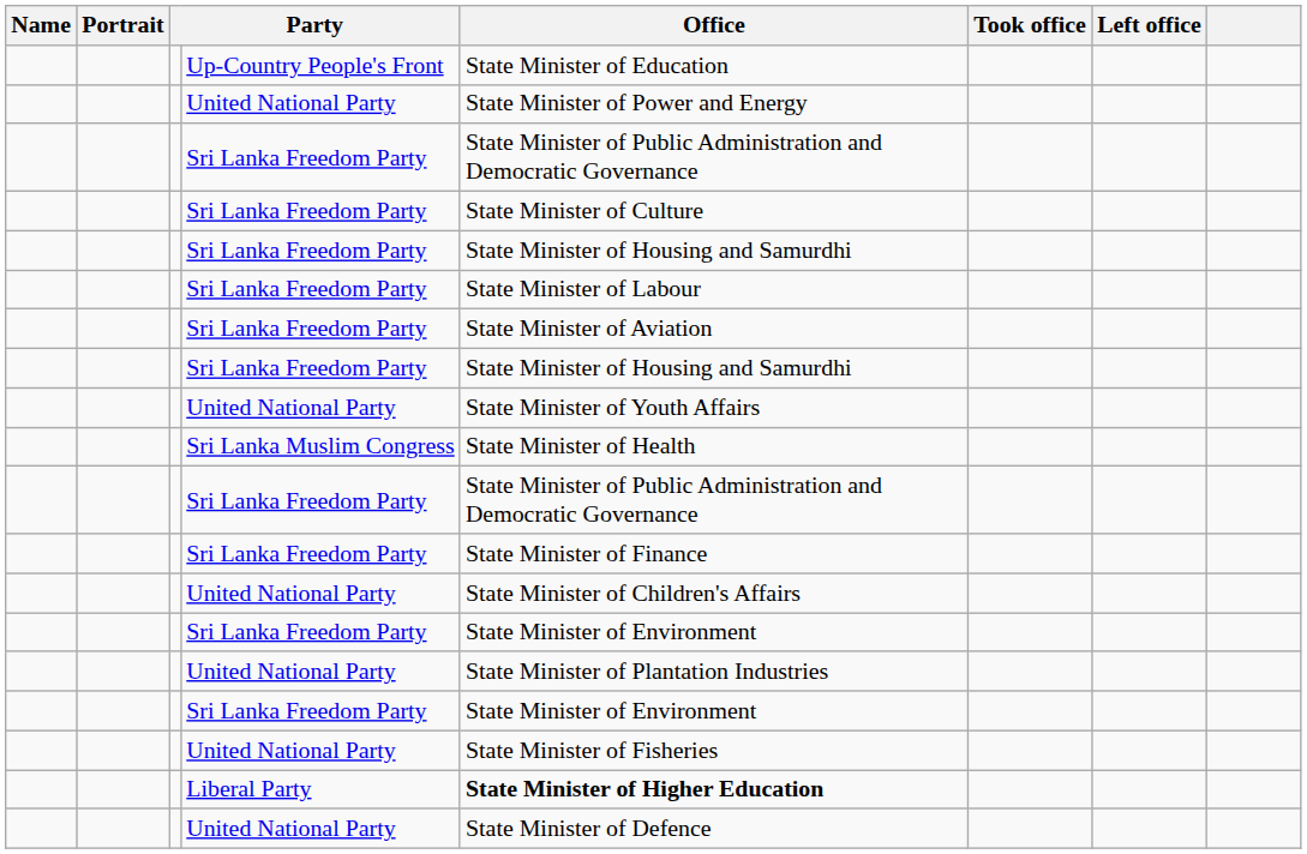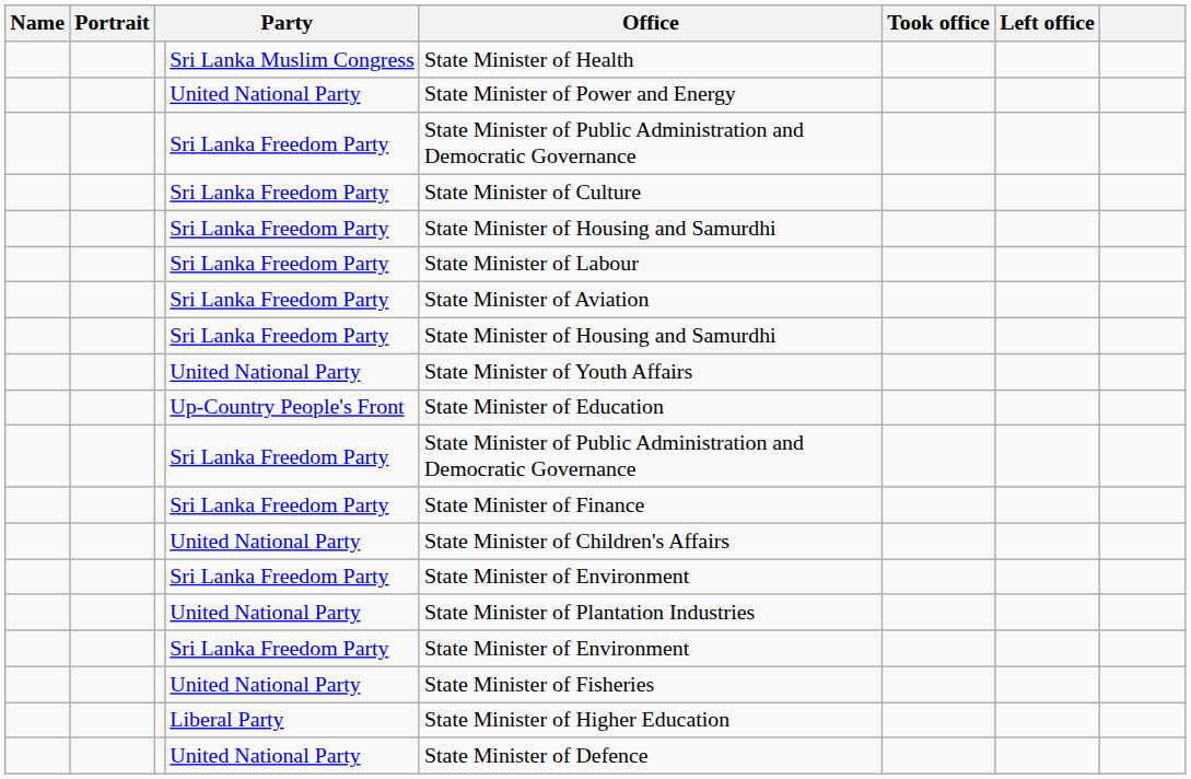 <table class="wikitable plainrowheaders sortable" style="font-size:90%; text-align:left;">
 <tr>
 <th scope=col>Name</th>
 <th scope=col class=unsortable>Portrait</th>
 <th scope=col colspan="2">Party</th>
 <th scope=col width=300px>Office</th>
 <th scope=col>Took office</th>
 <th scope=col>Left office</th>
 <th scope=col width=50px class=unsortable></th>
 </tr>
 <tr>
 <td></td>
 <td align=center></td>
 <td !align="center" style="background:"></td>
-<td><a href='#'>Up-Country People's Front</a></td>
-<td>State Minister of Education</td>
+<td><a href='#'>Sri Lanka Muslim Congress</a></td>
+<td>State Minister of Health</td>
 <td align=center></td>
 <td align=center></td>
 <td align=center></td>
 </tr>
 <tr>
 <td></td>
 <td align=center></td>
 <td !align="center" style="background:"></td>
 <td><a href='#'>United National Party</a></td>
 <td>State Minister of Power and Energy</td>
 <td align=center></td>
 <td align=center></td>
 <td align=center></td>
 </tr>
 <tr>
 <td></td>
 <td align=center></td>
 <td !align="center" style="background:"></td>
 <td><a href='#'>Sri Lanka Freedom Party</a></td>
 <td>State Minister of Public Administration and Democratic Governance</td>
 <td align=center></td>
 <td align=center></td>
 <td align=center></td>
 </tr>
 <tr>
 <td></td>
 <td align=center></td>
 <td !align="center" style="background:"></td>
 <td><a href='#'>Sri Lanka Freedom Party</a></td>
 <td>State Minister of Culture</td>
 <td align=center></td>
 <td align=center></td>
 <td align=center></td>
 </tr>
 <tr>
 <td></td>
 <td align=center></td>
 <td !align="center" style="background:"></td>
 <td><a href='#'>Sri Lanka Freedom Party</a></td>
 <td>State Minister of Housing and Samurdhi</td>
 <td align=center></td>
 <td align=center></td>
 <td align=center></td>
 </tr>
 <tr>
 <td></td>
 <td align=center></td>
 <td !align="center" style="background:"></td>
 <td><a href='#'>Sri Lanka Freedom Party</a></td>
 <td>State Minister of Labour</td>
 <td align=center></td>
 <td align=center></td>
 <td align=center></td>
 </tr>
 <tr>
 <td></td>
 <td align=center></td>
 <td !align="center" style="background:"></td>
 <td><a href='#'>Sri Lanka Freedom Party</a></td>
 <td>State Minister of Aviation</td>
 <td align=center></td>
 <td align=center></td>
 <td align=center></td>
 </tr>
 <tr>
 <td></td>
 <td align=center></td>
 <td !align="center" style="background:"></td>
 <td><a href='#'>Sri Lanka Freedom Party</a></td>
 <td>State Minister of Housing and Samurdhi</td>
 <td align=center></td>
 <td align=center></td>
 <td align=center></td>
 </tr>
 <tr>
 <td></td>
 <td align=center></td>
 <td !align="center" style="background:"></td>
 <td><a href='#'>United National Party</a></td>
 <td>State Minister of Youth Affairs</td>
 <td align=center></td>
 <td align=center></td>
 <td align=center></td>
 </tr>
 <tr>
 <td></td>
 <td align=center></td>
 <td !align="center" style="background:"></td>
-<td><a href='#'>Sri Lanka Muslim Congress</a></td>
-<td>State Minister of Health</td>
+<td><a href='#'>Up-Country People's Front</a></td>
+<td>State Minister of Education</td>
 <td align=center></td>
 <td align=center></td>
 <td align=center></td>
 </tr>
 <tr>
 <td></td>
 <td align=center></td>
 <td !align="center" style="background:"></td>
 <td><a href='#'>Sri Lanka Freedom Party</a></td>
 <td>State Minister of Public Administration and Democratic Governance</td>
 <td align=center></td>
 <td align=center></td>
 <td align=center></td>
 </tr>
 <tr>
 <td></td>
 <td></td>
 <td style="background:"></td>
 <td><a href='#'>Sri Lanka Freedom Party</a></td>
 <td>State Minister of Finance</td>
 <td align=center></td>
 <td align=center></td>
 <td align=center></td>
 </tr>
 <tr>
 <td></td>
 <td align=center></td>
 <td !align="center" style="background:"></td>
 <td><a href='#'>United National Party</a></td>
 <td>State Minister of Children's Affairs</td>
 <td align=center></td>
 <td align=center></td>
 <td align=center></td>
 </tr>
 <tr>
 <td></td>
 <td align=center></td>
 <td !align="center" style="background:"></td>
 <td><a href='#'>Sri Lanka Freedom Party</a></td>
 <td>State Minister of Environment</td>
 <td align=center></td>
 <td align=center></td>
 <td align=center></td>
 </tr>
 <tr>
 <td></td>
 <td align=center></td>
 <td !align="center" style="background:"></td>
 <td><a href='#'>United National Party</a></td>
 <td>State Minister of Plantation Industries</td>
 <td align=center></td>
 <td align=center></td>
 <td align=center></td>
 </tr>
 <tr>
 <td></td>
 <td align=center></td>
 <td !align="center" style="background:"></td>
 <td><a href='#'>Sri Lanka Freedom Party</a></td>
 <td>State Minister of Environment</td>
 <td align=center></td>
 <td align=center></td>
 <td align=center></td>
 </tr>
 <tr>
 <td></td>
 <td align=center></td>
 <td !align="center" style="background:"></td>
 <td><a href='#'>United National Party</a></td>
 <td>State Minister of Fisheries</td>
 <td align=center></td>
 <td align=center></td>
 <td align=center></td>
 </tr>
 <tr>
 <td></td>
 <td align=center></td>
 <td !align="center" style="background:"></td>
 <td><a href='#'>Liberal Party</a></td>
-<td><strong>State Minister of Higher Education</strong></td>
+<td>State Minister of Higher Education</td>
 <td align=center></td>
 <td align=center></td>
 <td align=center></td>
 </tr>
 <tr>
 <td></td>
 <td align=center></td>
 <td !align="center" style="background:"></td>
 <td><a href='#'>United National Party</a></td>
 <td>State Minister of Defence</td>
 <td align=center></td>
 <td align=center></td>
 <td align=center></td>
 </tr>
 </table>
